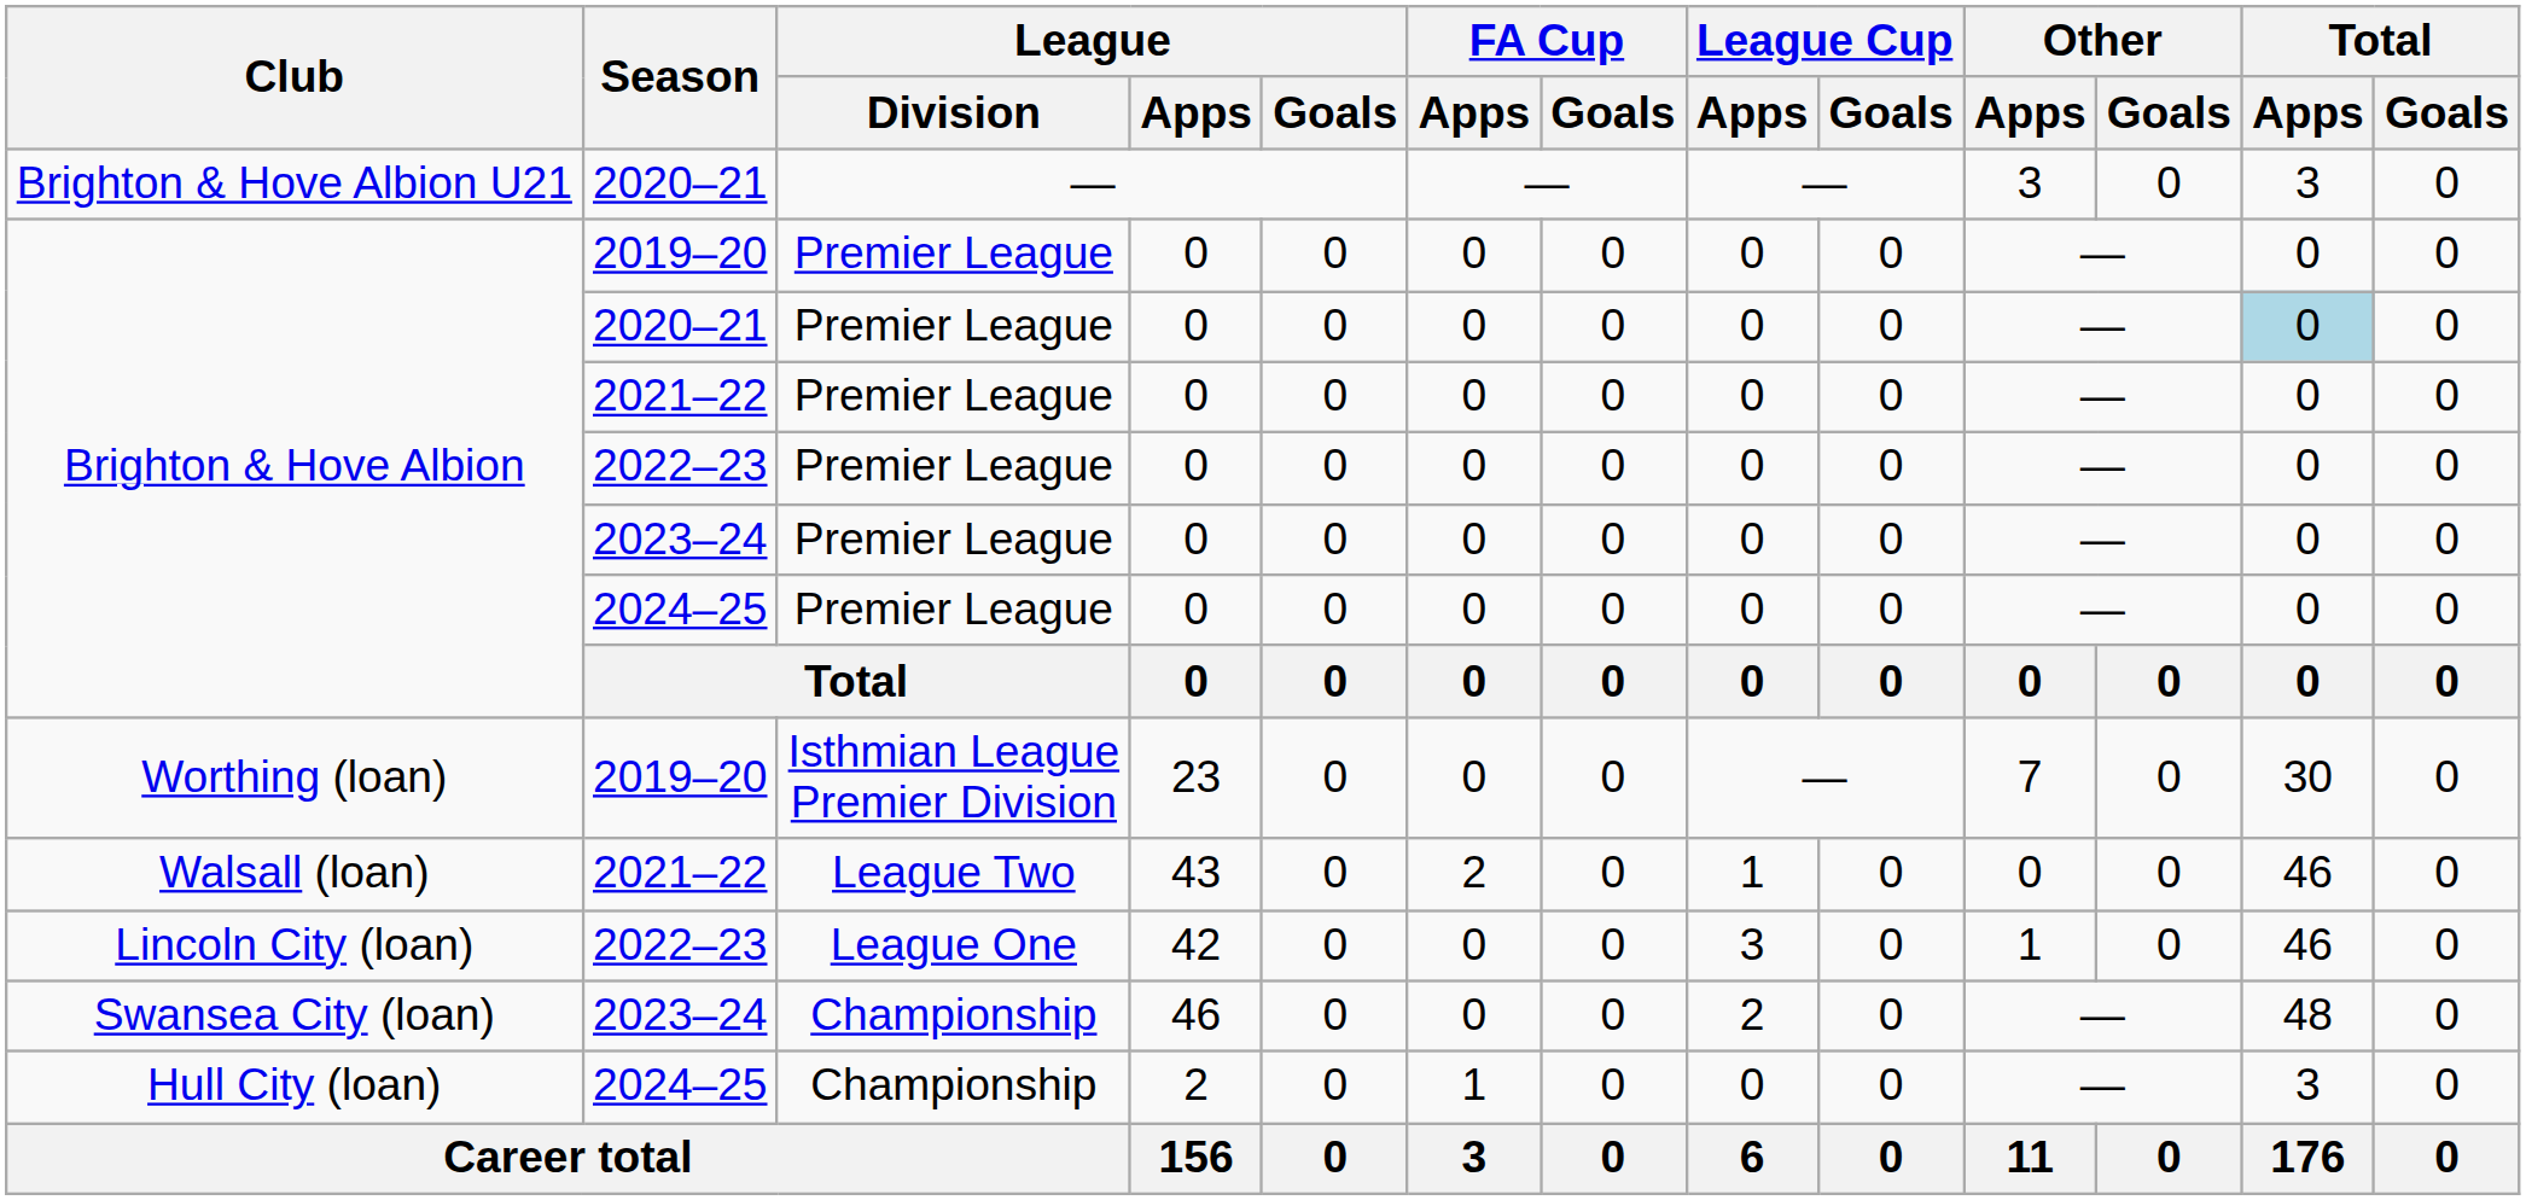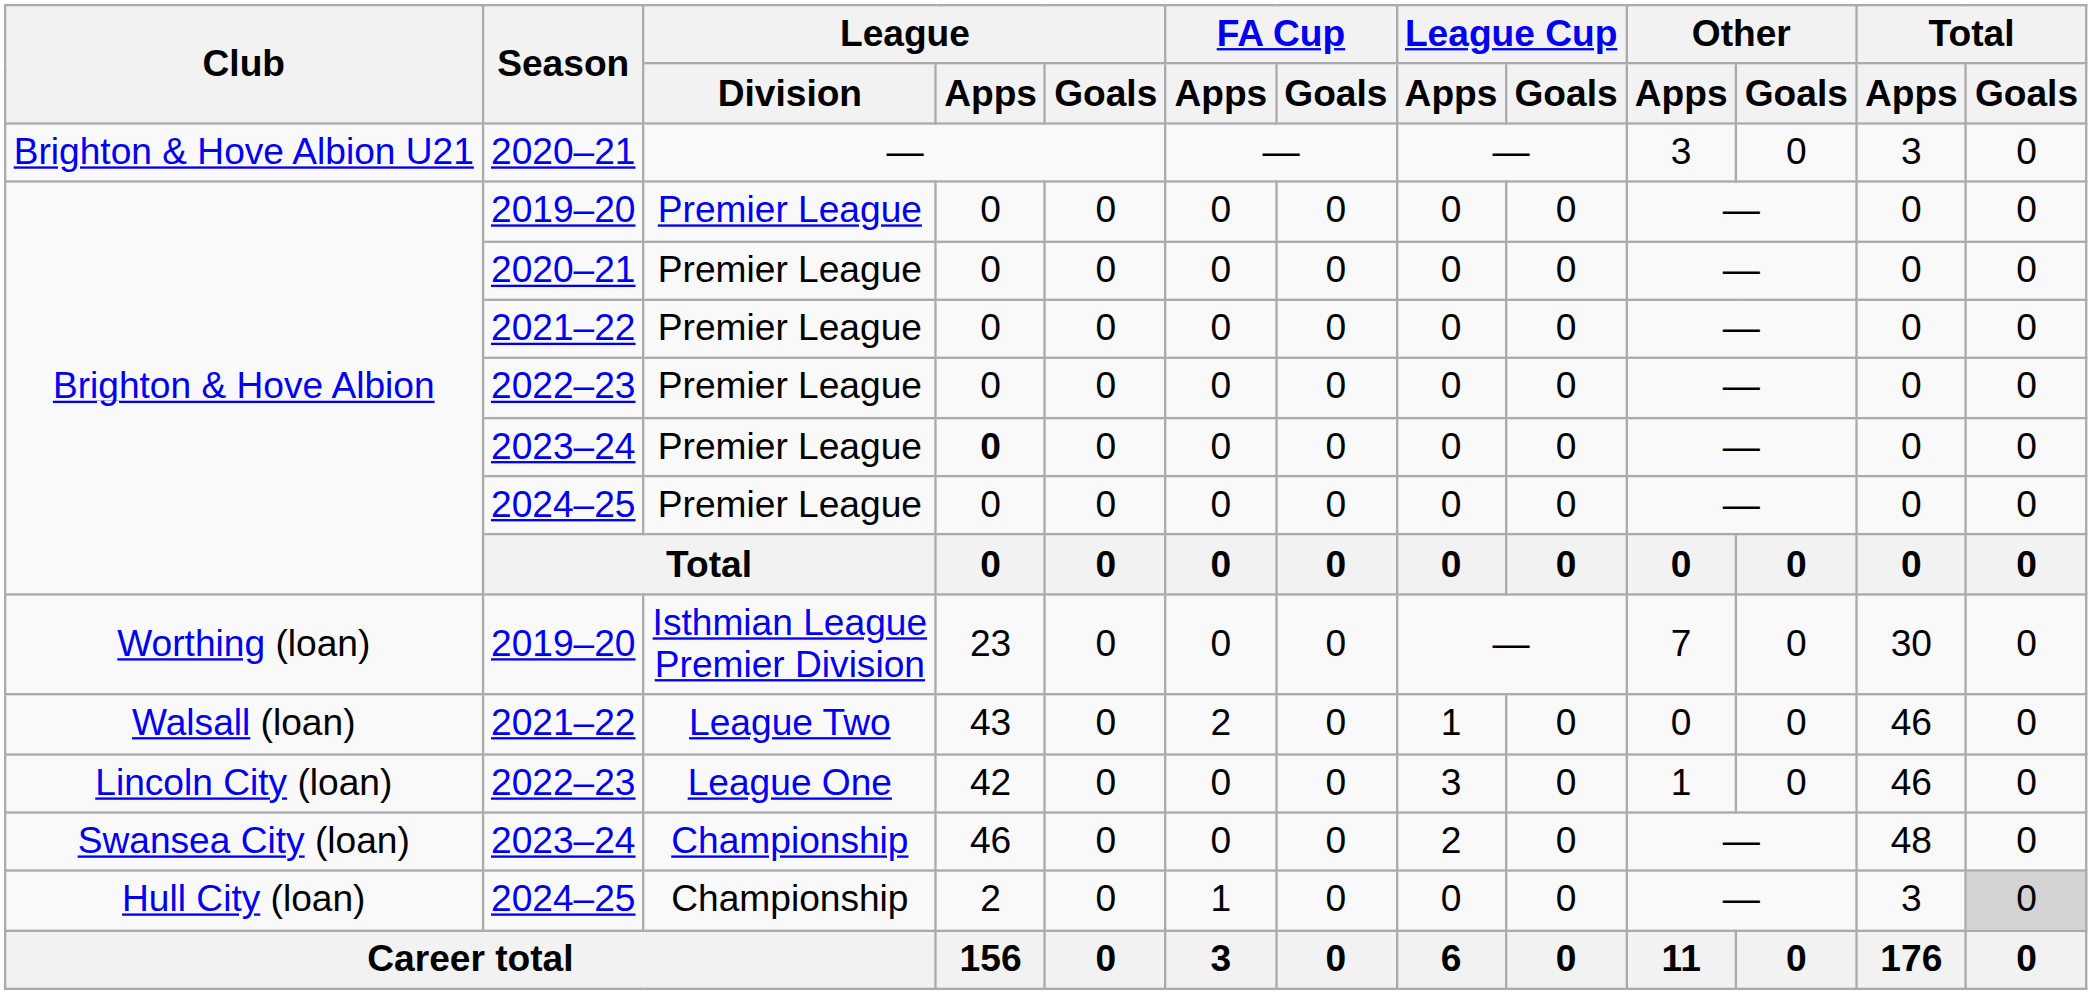 <table class=wikitable style="text-align: center;">
 <tr>
 <th rowspan=2>Club</th>
 <th rowspan=2>Season</th>
 <th colspan=3>League</th>
 <th colspan=2><a href='#'>FA Cup</a></th>
 <th colspan=2><a href='#'>League Cup</a></th>
 <th colspan=2>Other</th>
 <th colspan=2>Total</th>
 </tr>
 <tr>
 <th>Division</th>
 <th>Apps</th>
 <th>Goals</th>
 <th>Apps</th>
 <th>Goals</th>
 <th>Apps</th>
 <th>Goals</th>
 <th>Apps</th>
 <th>Goals</th>
 <th>Apps</th>
 <th>Goals</th>
 </tr>
 <tr>
 <td><a href='#'>Brighton & Hove Albion U21</a></td>
 <td><a href='#'>2020–21</a></td>
 <td colspan=3>—</td>
 <td colspan=2>—</td>
 <td colspan=2>—</td>
 <td>3</td>
 <td>0</td>
 <td>3</td>
 <td>0</td>
 </tr>
 <tr>
 <td rowspan=7><a href='#'>Brighton & Hove Albion</a></td>
 <td><a href='#'>2019–20</a></td>
 <td><a href='#'>Premier League</a></td>
 <td>0</td>
 <td>0</td>
 <td>0</td>
 <td>0</td>
 <td>0</td>
 <td>0</td>
 <td colspan="2">—</td>
 <td>0</td>
 <td>0</td>
 </tr>
 <tr>
 <td><a href='#'>2020–21</a></td>
 <td>Premier League</td>
 <td>0</td>
 <td>0</td>
 <td>0</td>
 <td>0</td>
 <td>0</td>
 <td>0</td>
 <td colspan="2">—</td>
-<td style="background: lightblue;">0</td>
+<td>0</td>
 <td>0</td>
 </tr>
 <tr>
 <td><a href='#'>2021–22</a></td>
 <td>Premier League</td>
 <td>0</td>
 <td>0</td>
 <td>0</td>
 <td>0</td>
 <td>0</td>
 <td>0</td>
 <td colspan="2">—</td>
 <td>0</td>
 <td>0</td>
 </tr>
 <tr>
 <td><a href='#'>2022–23</a></td>
 <td>Premier League</td>
 <td>0</td>
 <td>0</td>
 <td>0</td>
 <td>0</td>
 <td>0</td>
 <td>0</td>
 <td colspan="2">—</td>
 <td>0</td>
 <td>0</td>
 </tr>
 <tr>
 <td><a href='#'>2023–24</a></td>
 <td>Premier League</td>
-<td>0</td>
+<td><strong>0</strong></td>
 <td>0</td>
 <td>0</td>
 <td>0</td>
 <td>0</td>
 <td>0</td>
 <td colspan="2">—</td>
 <td>0</td>
 <td>0</td>
 </tr>
 <tr>
 <td><a href='#'>2024–25</a></td>
 <td>Premier League</td>
 <td>0</td>
 <td>0</td>
 <td>0</td>
 <td>0</td>
 <td>0</td>
 <td>0</td>
 <td colspan="2">—</td>
 <td>0</td>
 <td>0</td>
 </tr>
 <tr>
 <th colspan=2>Total</th>
 <th>0</th>
 <th>0</th>
 <th>0</th>
 <th>0</th>
 <th>0</th>
 <th>0</th>
 <th>0</th>
 <th>0</th>
 <th>0</th>
 <th>0</th>
 </tr>
 <tr>
 <td><a href='#'>Worthing</a> (loan)</td>
 <td><a href='#'>2019–20</a></td>
 <td><a href='#'>Isthmian League<br>Premier Division</a></td>
 <td>23</td>
 <td>0</td>
 <td>0</td>
 <td>0</td>
 <td colspan=2>—</td>
 <td>7</td>
 <td>0</td>
 <td>30</td>
 <td>0</td>
 </tr>
 <tr>
 <td><a href='#'>Walsall</a> (loan)</td>
 <td><a href='#'>2021–22</a></td>
 <td><a href='#'>League Two</a></td>
 <td>43</td>
 <td>0</td>
 <td>2</td>
 <td>0</td>
 <td>1</td>
 <td>0</td>
 <td>0</td>
 <td>0</td>
 <td>46</td>
 <td>0</td>
 </tr>
 <tr>
 <td><a href='#'>Lincoln City</a> (loan)</td>
 <td><a href='#'>2022–23</a></td>
 <td><a href='#'>League One</a></td>
 <td>42</td>
 <td>0</td>
 <td>0</td>
 <td>0</td>
 <td>3</td>
 <td>0</td>
 <td>1</td>
 <td>0</td>
 <td>46</td>
 <td>0</td>
 </tr>
 <tr>
 <td><a href='#'>Swansea City</a> (loan)</td>
 <td><a href='#'>2023–24</a></td>
 <td><a href='#'>Championship</a></td>
 <td>46</td>
 <td>0</td>
 <td>0</td>
 <td>0</td>
 <td>2</td>
 <td>0</td>
 <td colspan="2">—</td>
 <td>48</td>
 <td>0</td>
 </tr>
 <tr>
 <td><a href='#'>Hull City</a> (loan)</td>
 <td><a href='#'>2024–25</a></td>
 <td>Championship</td>
 <td>2</td>
 <td>0</td>
 <td>1</td>
 <td>0</td>
 <td>0</td>
 <td>0</td>
 <td colspan="2">—</td>
 <td>3</td>
-<td>0</td>
+<td style="background: lightgrey;">0</td>
 </tr>
 <tr>
 <th colspan=3>Career total</th>
 <th>156</th>
 <th>0</th>
 <th>3</th>
 <th>0</th>
 <th>6</th>
 <th>0</th>
 <th>11</th>
 <th>0</th>
 <th>176</th>
 <th>0</th>
 </tr>
 </table>
